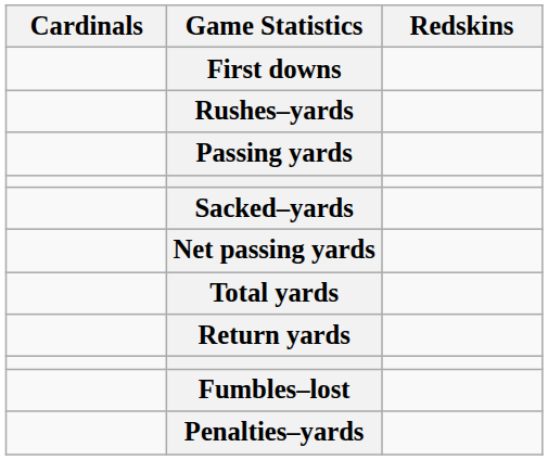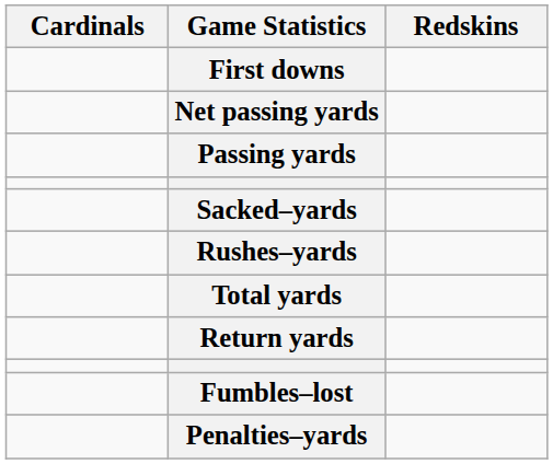 <table class="wikitable" style="margin: 1em auto 1em auto">
 <tr>
 <th style="width:30%;">Cardinals</th>
 <th style="width:40%;">Game Statistics</th>
 <th style="width:30%;">Redskins</th>
 </tr>
 <tr>
 <td style="text-align:right;"></td>
 <th>First downs</th>
 <td></td>
 </tr>
 <tr>
 <td style="text-align:right;"></td>
-<th>Rushes–yards</th>
+<th>Net passing yards</th>
 <td></td>
 </tr>
 <tr>
 <td style="text-align:right;"></td>
 <th>Passing yards</th>
 <td></td>
 </tr>
 <tr>
 <td style="text-align:right;"></td>
 <th></th>
 <td></td>
 </tr>
 <tr>
 <td style="text-align:right;"></td>
 <th>Sacked–yards</th>
 <td></td>
 </tr>
 <tr>
 <td style="text-align:right;"></td>
-<th>Net passing yards</th>
+<th>Rushes–yards</th>
 <td></td>
 </tr>
 <tr>
 <td style="text-align:right;"></td>
 <th>Total yards</th>
 <td></td>
 </tr>
 <tr>
 <td style="text-align:right;"></td>
 <th>Return yards</th>
 <td></td>
 </tr>
 <tr>
 <td style="text-align:right;"></td>
 <th></th>
 <td></td>
 </tr>
 <tr>
 <td style="text-align:right;"></td>
 <th>Fumbles–lost</th>
 <td></td>
 </tr>
 <tr>
 <td style="text-align:right;"></td>
 <th>Penalties–yards</th>
 <td></td>
 </tr>
 </table>
